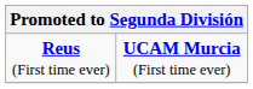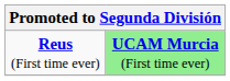 <table class="wikitable" style="text-align: center; margin: 0 auto;">
 <tr>
 <th colspan="2">Promoted to <a href='#'>Segunda División</a></th>
 </tr>
 <tr>
 <td><strong><a href='#'>Reus</a></strong><br><small>(First time ever)</small></td>
-<td><strong><a href='#'>UCAM Murcia</a></strong><br><small>(First time ever)</small></td>
+<td style="background: lightgreen;"><strong><a href='#'>UCAM Murcia</a></strong><br><small>(First time ever)</small></td>
 </tr>
 <tr>
 </tr>
 </table>
